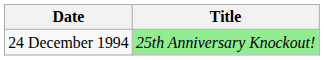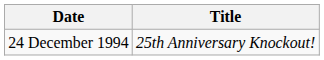 <table class="wikitable" style="text-align:center;">
 <tr>
 <th>Date</th>
 <th>Title</th>
 </tr>
 <tr>
 <td>24 December 1994</td>
-<td style="background: lightgreen;"><em>25th Anniversary Knockout!</em></td>
+<td><em>25th Anniversary Knockout!</em></td>
 </tr>
 </table>
